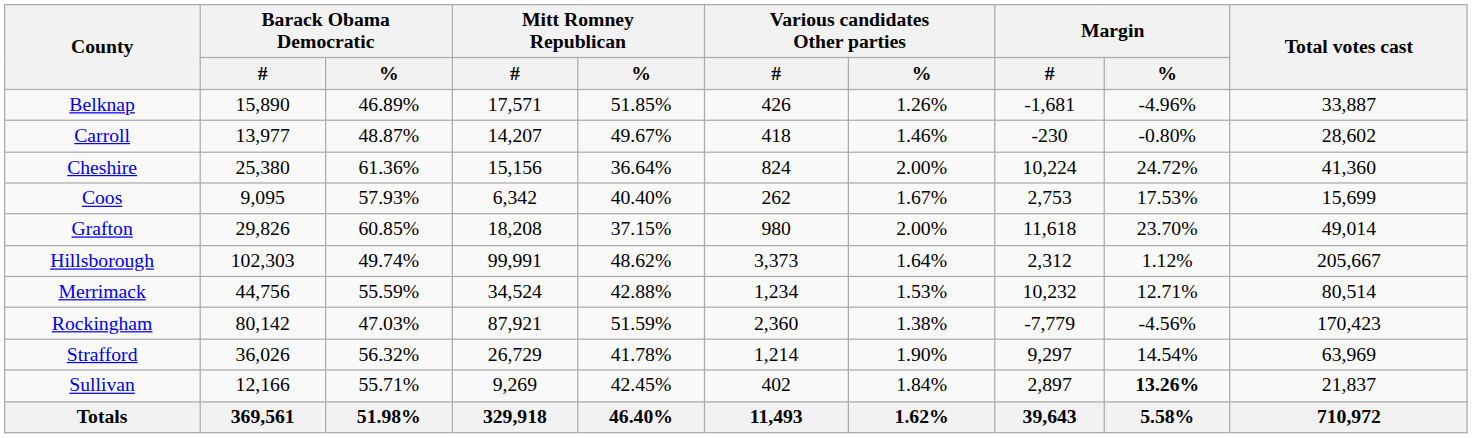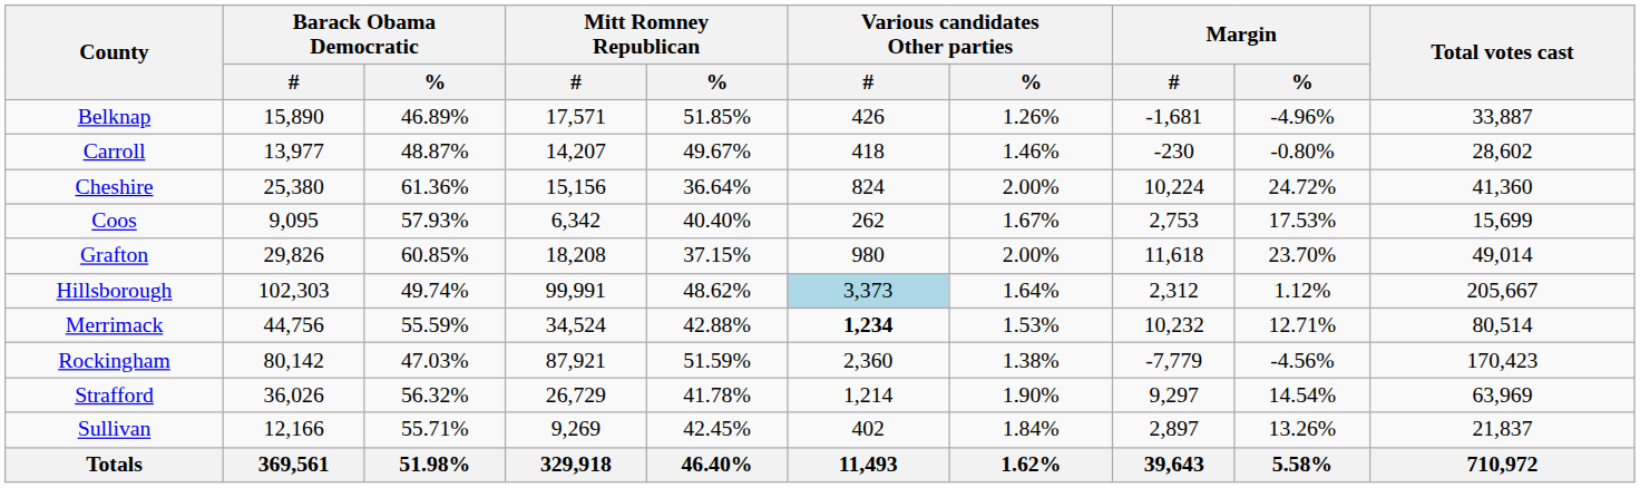 <table width="60%"  class="wikitable sortable" style="text-align:center">
 <tr>
 <th style="text-align:center;" rowspan="2">County</th>
 <th style="text-align:center;" colspan="2">Barack Obama<br>Democratic</th>
 <th style="text-align:center;" colspan="2">Mitt Romney<br>Republican</th>
 <th style="text-align:center;" colspan="2">Various candidates<br>Other parties</th>
 <th style="text-align:center;" colspan="2">Margin</th>
 <th style="text-align:center;" rowspan="2">Total votes cast</th>
 </tr>
 <tr>
 <th style="text-align:center;" data-sort-type="number">#</th>
 <th style="text-align:center;" data-sort-type="number">%</th>
 <th style="text-align:center;" data-sort-type="number">#</th>
 <th style="text-align:center;" data-sort-type="number">%</th>
 <th style="text-align:center;" data-sort-type="number">#</th>
 <th style="text-align:center;" data-sort-type="number">%</th>
 <th style="text-align:center;" data-sort-type="number">#</th>
 <th style="text-align:center;" data-sort-type="number">%</th>
 </tr>
 <tr style="text-align:center;">
 <td><a href='#'>Belknap</a></td>
 <td>15,890</td>
 <td>46.89%</td>
 <td>17,571</td>
 <td>51.85%</td>
 <td>426</td>
 <td>1.26%</td>
 <td>-1,681</td>
 <td>-4.96%</td>
 <td>33,887</td>
 </tr>
 <tr style="text-align:center;">
 <td><a href='#'>Carroll</a></td>
 <td>13,977</td>
 <td>48.87%</td>
 <td>14,207</td>
 <td>49.67%</td>
 <td>418</td>
 <td>1.46%</td>
 <td>-230</td>
 <td>-0.80%</td>
 <td>28,602</td>
 </tr>
 <tr style="text-align:center;">
 <td><a href='#'>Cheshire</a></td>
 <td>25,380</td>
 <td>61.36%</td>
 <td>15,156</td>
 <td>36.64%</td>
 <td>824</td>
 <td>2.00%</td>
 <td>10,224</td>
 <td>24.72%</td>
 <td>41,360</td>
 </tr>
 <tr style="text-align:center;">
 <td><a href='#'>Coos</a></td>
 <td>9,095</td>
 <td>57.93%</td>
 <td>6,342</td>
 <td>40.40%</td>
 <td>262</td>
 <td>1.67%</td>
 <td>2,753</td>
 <td>17.53%</td>
 <td>15,699</td>
 </tr>
 <tr style="text-align:center;">
 <td><a href='#'>Grafton</a></td>
 <td>29,826</td>
 <td>60.85%</td>
 <td>18,208</td>
 <td>37.15%</td>
 <td>980</td>
 <td>2.00%</td>
 <td>11,618</td>
 <td>23.70%</td>
 <td>49,014</td>
 </tr>
 <tr style="text-align:center;">
 <td><a href='#'>Hillsborough</a></td>
 <td>102,303</td>
 <td>49.74%</td>
 <td>99,991</td>
 <td>48.62%</td>
-<td>3,373</td>
+<td style="background: lightblue;">3,373</td>
 <td>1.64%</td>
 <td>2,312</td>
 <td>1.12%</td>
 <td>205,667</td>
 </tr>
 <tr style="text-align:center;">
 <td><a href='#'>Merrimack</a></td>
 <td>44,756</td>
 <td>55.59%</td>
 <td>34,524</td>
 <td>42.88%</td>
-<td>1,234</td>
+<td><strong>1,234</strong></td>
 <td>1.53%</td>
 <td>10,232</td>
 <td>12.71%</td>
 <td>80,514</td>
 </tr>
 <tr style="text-align:center;">
 <td><a href='#'>Rockingham</a></td>
 <td>80,142</td>
 <td>47.03%</td>
 <td>87,921</td>
 <td>51.59%</td>
 <td>2,360</td>
 <td>1.38%</td>
 <td>-7,779</td>
 <td>-4.56%</td>
 <td>170,423</td>
 </tr>
 <tr style="text-align:center;">
 <td><a href='#'>Strafford</a></td>
 <td>36,026</td>
 <td>56.32%</td>
 <td>26,729</td>
 <td>41.78%</td>
 <td>1,214</td>
 <td>1.90%</td>
 <td>9,297</td>
 <td>14.54%</td>
 <td>63,969</td>
 </tr>
 <tr style="text-align:center;">
 <td><a href='#'>Sullivan</a></td>
 <td>12,166</td>
 <td>55.71%</td>
 <td>9,269</td>
 <td>42.45%</td>
 <td>402</td>
 <td>1.84%</td>
 <td>2,897</td>
-<td><strong>13.26%</strong></td>
+<td>13.26%</td>
 <td>21,837</td>
 </tr>
 <tr>
 <th>Totals</th>
 <th>369,561</th>
 <th>51.98%</th>
 <th>329,918</th>
 <th>46.40%</th>
 <th>11,493</th>
 <th>1.62%</th>
 <th>39,643</th>
 <th>5.58%</th>
 <th>710,972</th>
 </tr>
 </table>
